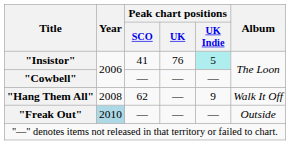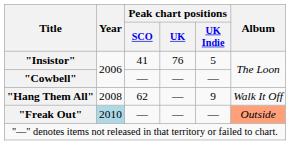 <table class="wikitable plainrowheaders" style="text-align:center;">
 <tr>
 <th scope="col" rowspan="2">Title</th>
 <th scope="col" rowspan="2">Year</th>
 <th scope="col" colspan="3">Peak chart positions</th>
 <th scope="col" rowspan="2">Album</th>
 </tr>
 <tr>
 <th scope="col" style="width:3em;font-size:90%;"><a href='#'>SCO</a><br></th>
 <th scope="col" style="width:3em;font-size:90%;"><a href='#'>UK</a><br></th>
 <th scope="col" style="width:3em;font-size:90%;"><a href='#'>UK<br>Indie</a><br></th>
 </tr>
 <tr>
 <th scope="row">"Insistor"</th>
 <td rowspan="2">2006</td>
 <td>41</td>
 <td>76</td>
-<td style="background: paleturquoise;">5</td>
+<td>5</td>
 <td rowspan="2"><em>The Loon</em></td>
 </tr>
 <tr>
 <th scope="row">"Cowbell"</th>
 <td>—</td>
 <td>—</td>
 <td>—</td>
 </tr>
 <tr>
 <th scope="row">"Hang Them All"</th>
 <td>2008</td>
 <td>62</td>
 <td>—</td>
 <td>9</td>
 <td><em>Walk It Off</em></td>
 </tr>
 <tr>
 <th scope="row">"Freak Out"</th>
 <td style="background: lightblue;">2010</td>
 <td>—</td>
 <td>—</td>
 <td>—</td>
-<td><em>Outside</em></td>
+<td style="background: lightsalmon;"><em>Outside</em></td>
 </tr>
 <tr>
 <td colspan="9" style="font-size:90%">"—" denotes items not released in that territory or failed to chart.</td>
 </tr>
 </table>
